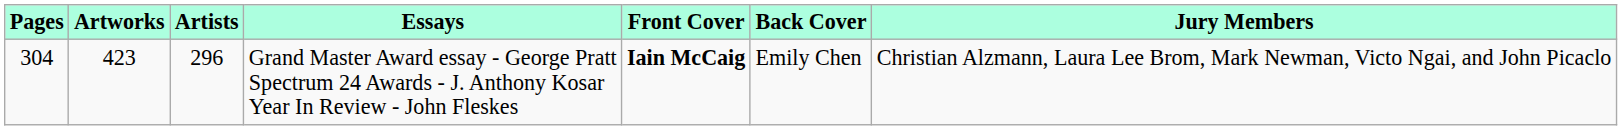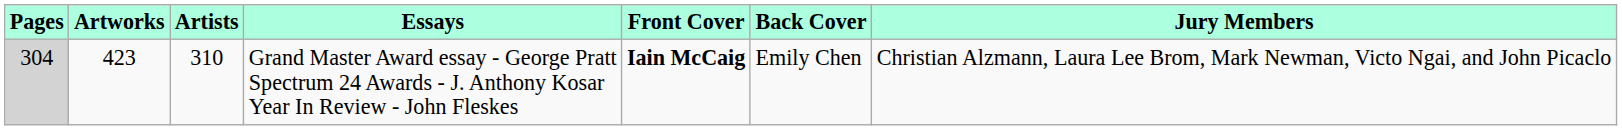 <table class="wikitable">
 <tr>
 <th style="background:#acffdf">Pages</th>
 <th style="background:#acffdf">Artworks</th>
 <th style="background:#acffdf">Artists</th>
 <th style="background:#acffdf">Essays</th>
 <th style="background:#acffdf">Front Cover</th>
 <th style="background:#acffdf">Back Cover</th>
 <th style="background:#acffdf">Jury Members</th>
 </tr>
 <tr valign="top">
-<td align="center">304</td>
+<td align="center" style="background: lightgrey;">304</td>
 <td align="center">423</td>
-<td align="center">296</td>
+<td align="center">310</td>
 <td>Grand Master Award essay - George Pratt<br>Spectrum 24 Awards - J. Anthony Kosar<br>Year In Review - John Fleskes</td>
 <td><strong>Iain McCaig</strong></td>
 <td>Emily Chen</td>
 <td>Christian Alzmann, Laura Lee Brom, Mark Newman, Victo Ngai, and John Picaclo</td>
 </tr>
 </table>
